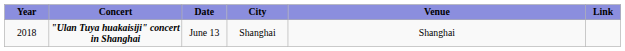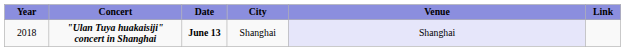 <table class="wikitable sortable mw-collapsible" width="80%" style="text-align:center">
 <tr align="center" style="background:#8B8EDE">
 <td style="width:2%"><strong>Year</strong></td>
 <td style="width:8%"><strong>Concert</strong></td>
 <td style="width:2%"><strong>Date</strong></td>
 <td style="width:2%"><strong>City</strong></td>
 <td style="width:18%"><strong>Venue</strong></td>
 <td style="width:1%"><strong>Link</strong></td>
 </tr>
 <tr>
 <td rowspan="2">2018</td>
 <td rowspan="2"><strong><em>"Ulan Tuya huakaisiji" concert in Shanghai</em></strong></td>
-<td>June 13</td>
+<td><strong>June 13</strong></td>
 <td>Shanghai</td>
-<td>Shanghai</td>
+<td style="background: lavender;">Shanghai</td>
 <td></td>
 </tr>
 </table>
